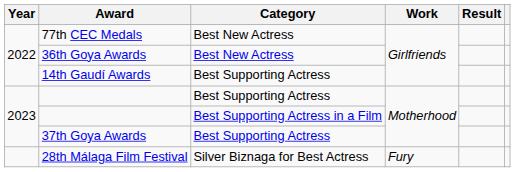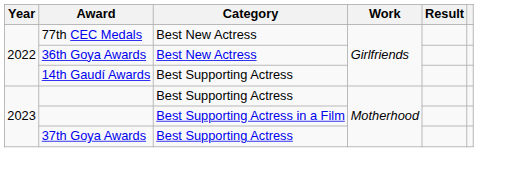 <table class="wikitable sortable plainrowheaders">
 <tr>
 <th>Year</th>
 <th>Award</th>
 <th>Category</th>
 <th>Work</th>
 <th>Result</th>
 <th scope="col" class="unsortable"></th>
 </tr>
 <tr>
 <td rowspan = "3" align = "center">2022</td>
 <td>77th <a href='#'>CEC Medals</a></td>
 <td>Best New Actress</td>
 <td rowspan = "3"><em>Girlfriends</em></td>
 <td></td>
 <td align = "center"></td>
 </tr>
 <tr>
 <td><a href='#'>36th Goya Awards</a></td>
 <td><a href='#'>Best New Actress</a></td>
 <td></td>
 <td align = "center"></td>
 </tr>
 <tr>
 <td><a href='#'>14th Gaudí Awards</a></td>
 <td>Best Supporting Actress</td>
 <td></td>
 <td align = "center"></td>
 </tr>
 <tr>
 <td rowspan = "3" align = "center">2023</td>
 <td></td>
 <td>Best Supporting Actress</td>
 <td rowspan = "3"><em>Motherhood</em></td>
 <td></td>
 <td align = "center"></td>
 </tr>
 <tr>
 <td></td>
 <td><a href='#'>Best Supporting Actress in a Film</a></td>
 <td></td>
 <td align = "center"></td>
 </tr>
 <tr>
 <td><a href='#'>37th Goya Awards</a></td>
 <td><a href='#'>Best Supporting Actress</a></td>
 <td></td>
 <td align = "center"></td>
 </tr>
-<tr>
-<td></td>
-<td><a href='#'>28th Málaga Film Festival</a></td>
-<td>Silver Biznaga for Best Actress</td>
-<td><em>Fury</em></td>
-<td></td>
-<td></td>
-</tr>
 </table>
